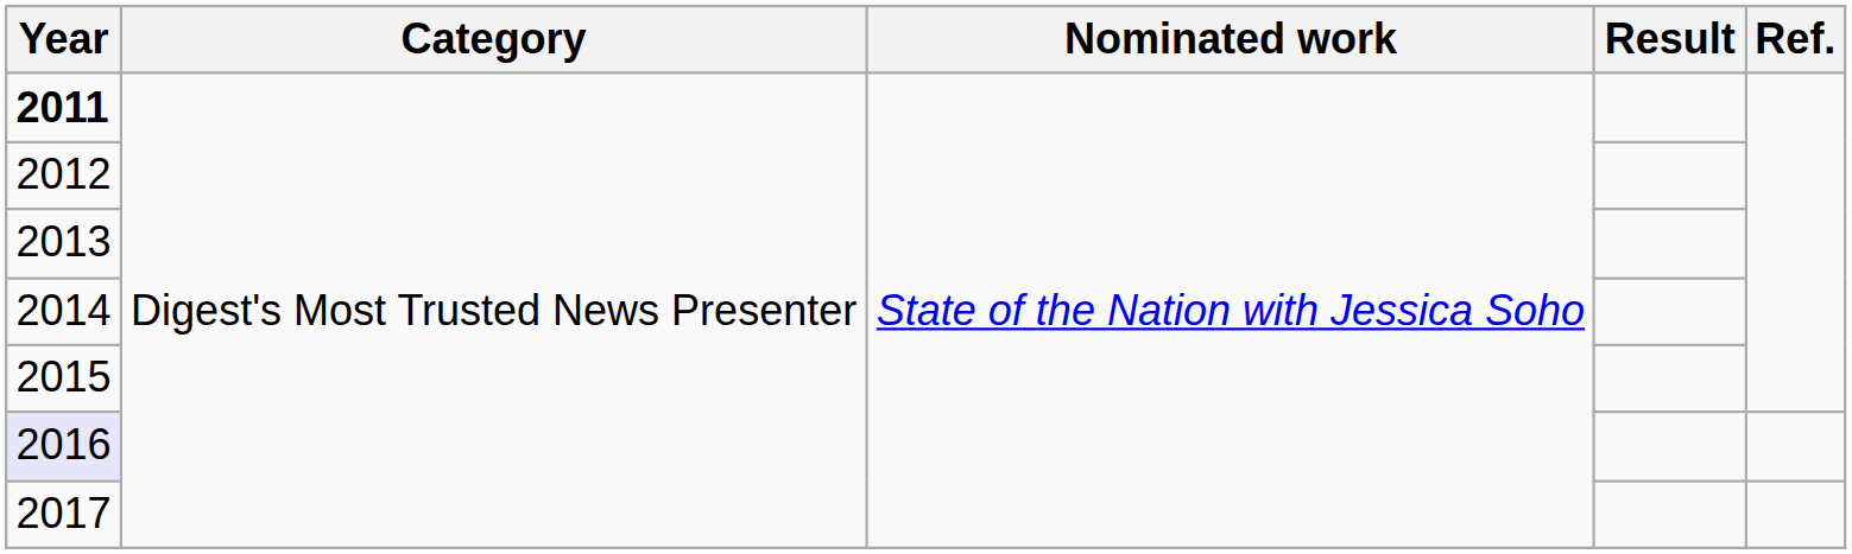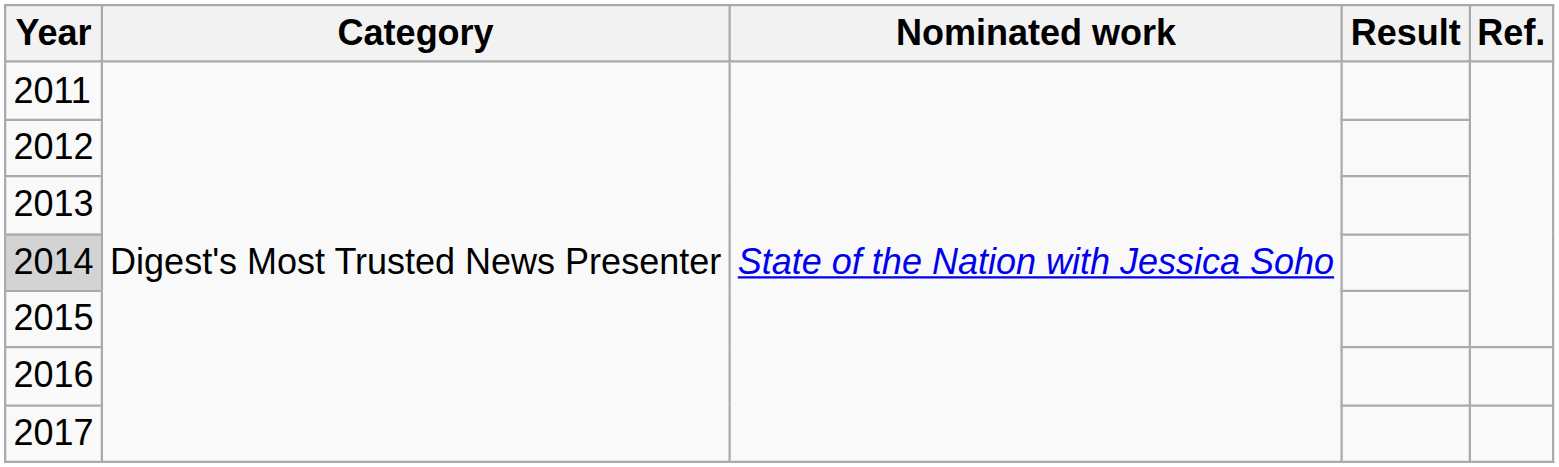 <table class="wikitable plainrowheaders sortable">
 <tr>
 <th>Year</th>
 <th>Category</th>
 <th>Nominated work</th>
 <th>Result</th>
 <th>Ref.</th>
 </tr>
 <tr>
-<td><strong>2011</strong></td>
+<td>2011</td>
 <td rowspan='7'>Digest's Most Trusted News Presenter</td>
 <td rowspan='7'><em><a href='#'>State of the Nation with Jessica Soho</a></em></td>
 <td></td>
 <td rowspan='5'></td>
 </tr>
 <tr>
 <td>2012</td>
 <td></td>
 </tr>
 <tr>
 <td>2013</td>
 <td></td>
 </tr>
 <tr>
-<td>2014</td>
+<td style="background: lightgrey;">2014</td>
 <td></td>
 </tr>
 <tr>
 <td>2015</td>
 <td></td>
 </tr>
 <tr>
-<td style="background: lavender;">2016</td>
+<td>2016</td>
 <td></td>
 <td></td>
 </tr>
 <tr>
 <td>2017</td>
 <td></td>
 <td></td>
 </tr>
 </table>
